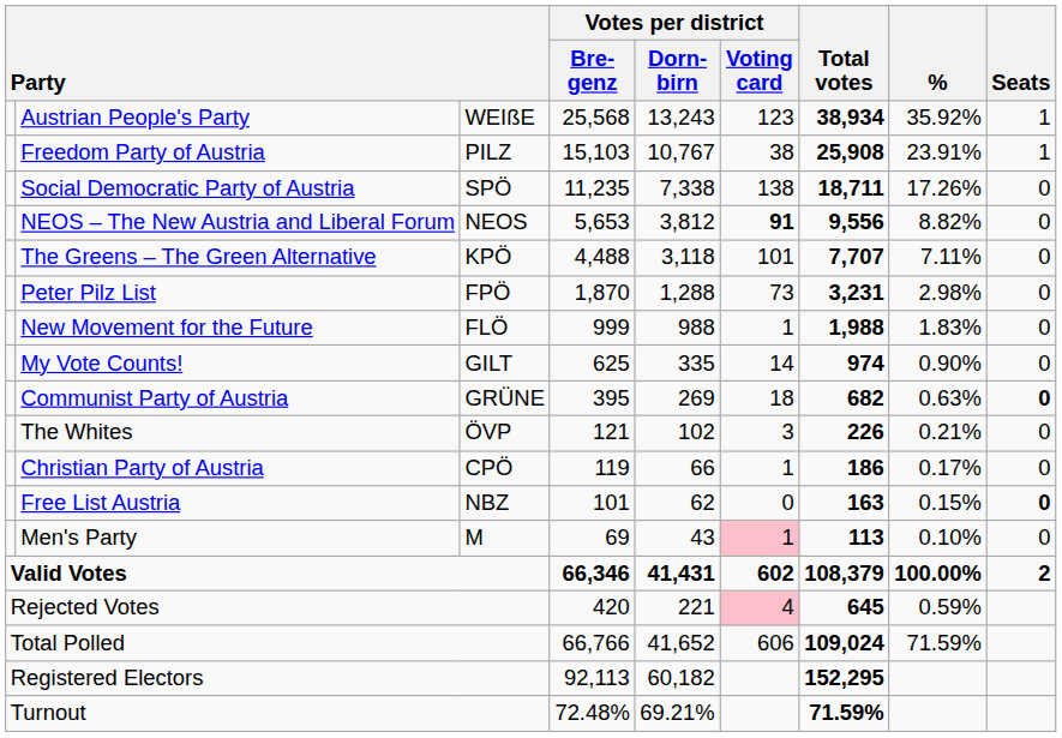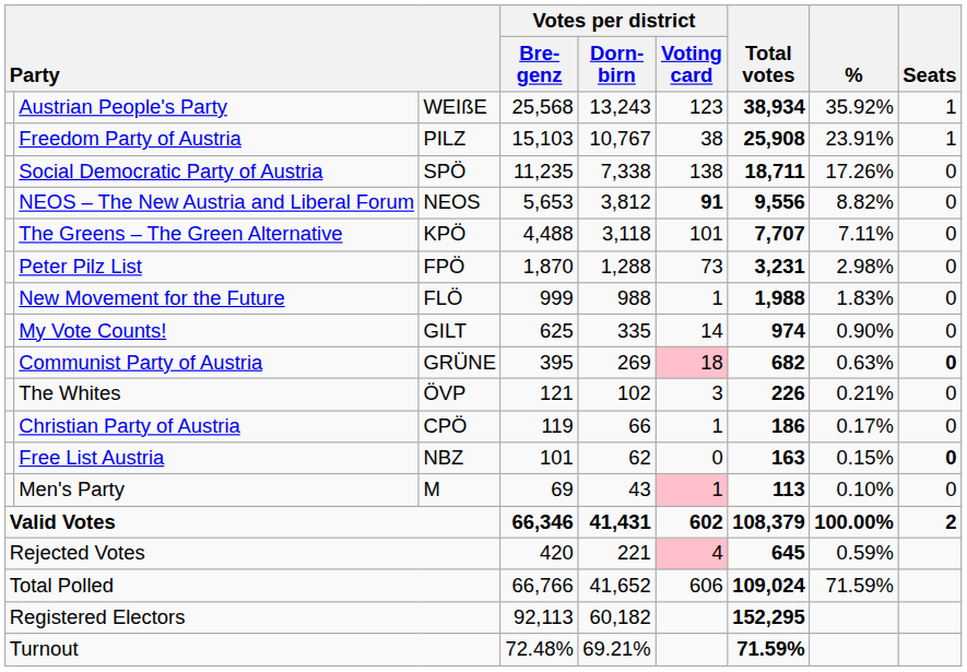 <table class="wikitable" border="1" style="text-align:right;">
 <tr>
 <th style="text-align:left;" valign=bottom rowspan=2 colspan=3>Party</th>
 <th colspan=3>Votes per district</th>
 <th align=center valign=bottom rowspan=2 width="50">Total<br>votes</th>
 <th align=center valign=bottom rowspan=2 width="50">%</th>
 <th align=center valign=bottom rowspan=2>Seats</th>
 </tr>
 <tr>
 <th align=center valign=bottom width="50"><a href='#'>Bre-<br>genz</a></th>
 <th align=center valign=bottom width="50"><a href='#'>Dorn-<br>birn</a></th>
 <th align=center valign=bottom width="50"><a href='#'>Voting<br>card</a></th>
 </tr>
 <tr>
 <td></td>
 <td align=left><a href='#'>Austrian People's Party</a></td>
 <td align=left>WEIßE</td>
 <td>25,568</td>
 <td>13,243</td>
 <td>123</td>
 <td><strong>38,934</strong></td>
 <td>35.92%</td>
 <td>1</td>
 </tr>
 <tr>
 <td></td>
 <td align=left><a href='#'>Freedom Party of Austria</a></td>
 <td align=left>PILZ</td>
 <td>15,103</td>
 <td>10,767</td>
 <td>38</td>
 <td><strong>25,908</strong></td>
 <td>23.91%</td>
 <td>1</td>
 </tr>
 <tr>
 <td></td>
 <td align=left><a href='#'>Social Democratic Party of Austria</a></td>
 <td align=left>SPÖ</td>
 <td>11,235</td>
 <td>7,338</td>
 <td>138</td>
 <td><strong>18,711</strong></td>
 <td>17.26%</td>
 <td>0</td>
 </tr>
 <tr>
 <td></td>
 <td align=left style="white-space: nowrap;"><a href='#'>NEOS – The New Austria and Liberal Forum</a></td>
 <td align=left>NEOS</td>
 <td>5,653</td>
 <td>3,812</td>
 <td><strong>91</strong></td>
 <td><strong>9,556</strong></td>
 <td>8.82%</td>
 <td>0</td>
 </tr>
 <tr>
 <td></td>
 <td align=left><a href='#'>The Greens – The Green Alternative</a></td>
 <td align=left>KPÖ</td>
 <td>4,488</td>
 <td>3,118</td>
 <td>101</td>
 <td><strong>7,707</strong></td>
 <td>7.11%</td>
 <td>0</td>
 </tr>
 <tr>
 <td></td>
 <td align=left><a href='#'>Peter Pilz List</a></td>
 <td align=left>FPÖ</td>
 <td>1,870</td>
 <td>1,288</td>
 <td>73</td>
 <td><strong>3,231</strong></td>
 <td>2.98%</td>
 <td>0</td>
 </tr>
 <tr>
 <td></td>
 <td align=left><a href='#'>New Movement for the Future</a></td>
 <td align=left>FLÖ</td>
 <td>999</td>
 <td>988</td>
 <td>1</td>
 <td><strong>1,988</strong></td>
 <td>1.83%</td>
 <td>0</td>
 </tr>
 <tr>
 <td></td>
 <td align=left><a href='#'>My Vote Counts!</a></td>
 <td align=left>GILT</td>
 <td>625</td>
 <td>335</td>
 <td>14</td>
 <td><strong>974</strong></td>
 <td>0.90%</td>
 <td>0</td>
 </tr>
 <tr>
 <td></td>
 <td align=left><a href='#'>Communist Party of Austria</a></td>
 <td align=left>GRÜNE</td>
 <td>395</td>
 <td>269</td>
-<td>18</td>
+<td style="background: pink;">18</td>
 <td><strong>682</strong></td>
 <td>0.63%</td>
 <td><strong>0</strong></td>
 </tr>
 <tr>
 <td></td>
 <td align=left>The Whites</td>
 <td align=left>ÖVP</td>
 <td>121</td>
 <td>102</td>
 <td>3</td>
 <td><strong>226</strong></td>
 <td>0.21%</td>
 <td>0</td>
 </tr>
 <tr>
 <td></td>
 <td align=left><a href='#'>Christian Party of Austria</a></td>
 <td align=left>CPÖ</td>
 <td>119</td>
 <td>66</td>
 <td>1</td>
 <td><strong>186</strong></td>
 <td>0.17%</td>
 <td>0</td>
 </tr>
 <tr>
 <td></td>
 <td align=left><a href='#'>Free List Austria</a></td>
 <td align=left>NBZ</td>
 <td>101</td>
 <td>62</td>
 <td>0</td>
 <td><strong>163</strong></td>
 <td>0.15%</td>
 <td><strong>0</strong></td>
 </tr>
 <tr>
 <td></td>
 <td align=left>Men's Party</td>
 <td align=left>M</td>
 <td>69</td>
 <td>43</td>
 <td style="background: pink;">1</td>
 <td><strong>113</strong></td>
 <td>0.10%</td>
 <td>0</td>
 </tr>
 <tr style="font-weight:bold">
 <td align=left colspan=3>Valid Votes</td>
 <td>66,346</td>
 <td>41,431</td>
 <td>602</td>
 <td>108,379</td>
 <td>100.00%</td>
 <td>2</td>
 </tr>
 <tr>
 <td align=left colspan=3>Rejected Votes</td>
 <td>420</td>
 <td>221</td>
 <td style="background: pink;">4</td>
 <td><strong>645</strong></td>
 <td>0.59%</td>
 <td></td>
 </tr>
 <tr>
 <td align=left colspan=3>Total Polled</td>
 <td>66,766</td>
 <td>41,652</td>
 <td>606</td>
 <td><strong>109,024</strong></td>
 <td>71.59%</td>
 <td></td>
 </tr>
 <tr>
 <td align=left colspan=3>Registered Electors</td>
 <td>92,113</td>
 <td>60,182</td>
 <td></td>
 <td><strong>152,295</strong></td>
 <td></td>
 <td></td>
 </tr>
 <tr>
 <td align=left colspan=3>Turnout</td>
 <td>72.48%</td>
 <td>69.21%</td>
 <td></td>
 <td><strong>71.59%</strong></td>
 <td></td>
 <td></td>
 </tr>
 </table>
